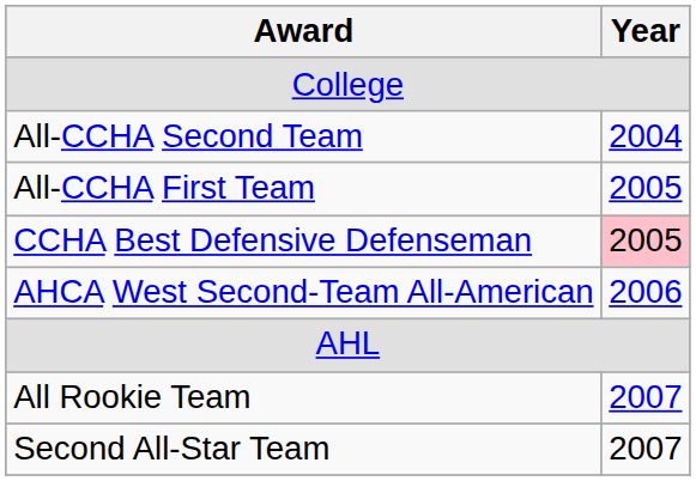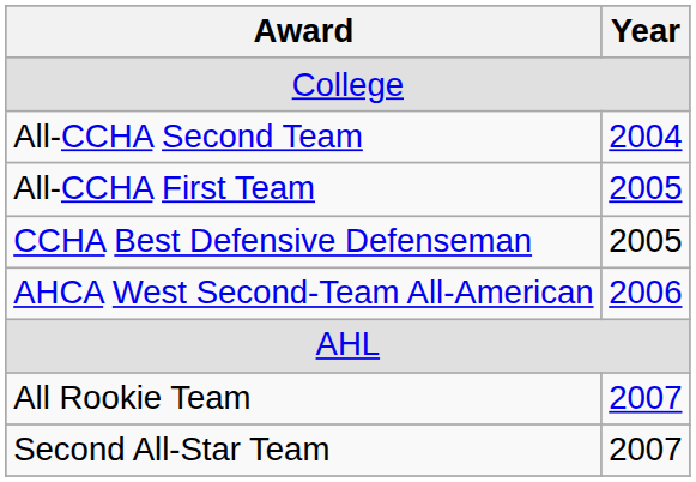 <table class="wikitable">
 <tr>
 <th>Award</th>
 <th>Year</th>
 </tr>
 <tr ALIGN="center" bgcolor="#e0e0e0">
 <td colspan="3"><a href='#'>College</a></td>
 </tr>
 <tr>
 <td>All-<a href='#'>CCHA</a> <a href='#'>Second Team</a></td>
 <td><a href='#'>2004</a></td>
 </tr>
 <tr>
 <td>All-<a href='#'>CCHA</a> <a href='#'>First Team</a></td>
 <td><a href='#'>2005</a></td>
 </tr>
 <tr>
 <td><a href='#'>CCHA</a> <a href='#'>Best Defensive Defenseman</a></td>
-<td style="background: pink;">2005</td>
+<td>2005</td>
 </tr>
 <tr>
 <td><a href='#'>AHCA</a> <a href='#'>West Second-Team All-American</a></td>
 <td><a href='#'>2006</a></td>
 </tr>
 <tr ALIGN="center" bgcolor="#e0e0e0">
 <td colspan="3"><a href='#'>AHL</a></td>
 </tr>
 <tr>
 <td>All Rookie Team</td>
 <td><a href='#'>2007</a></td>
 </tr>
 <tr>
 <td>Second All-Star Team</td>
 <td>2007</td>
 </tr>
 </table>
